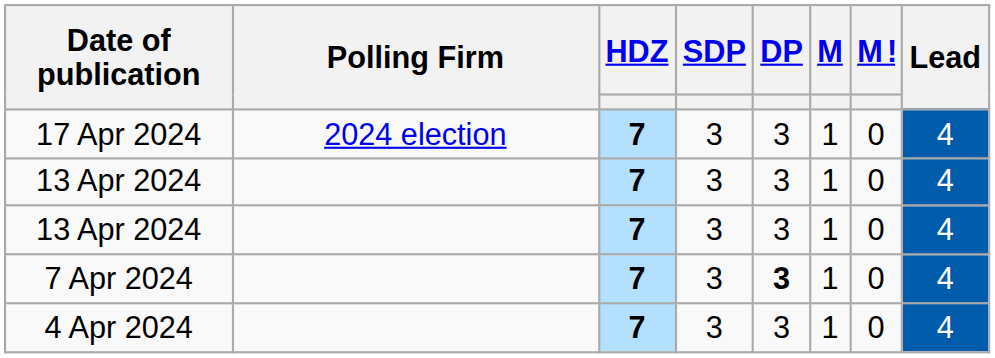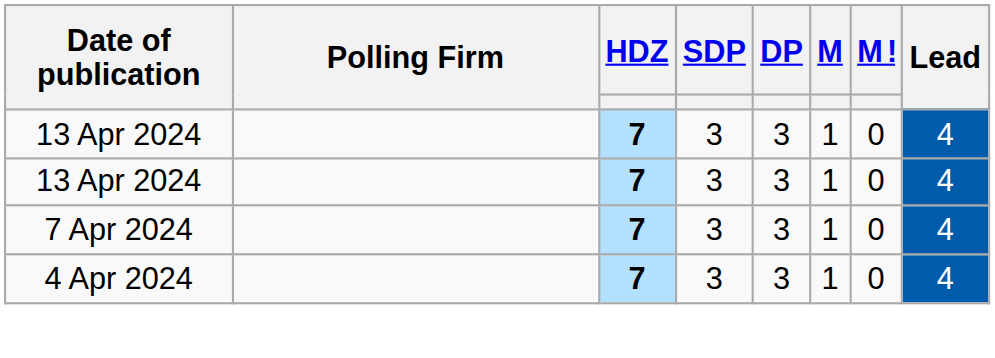 <table class="wikitable sortable" style="text-align:center; font-size:90%; line-height:16px;">
 <tr style="height:42px;">
 <th style="width:100px;" rowspan="2">Date of publication</th>
 <th style="width:165px;" rowspan="2">Polling Firm</th>
 <th><a href='#'>HDZ</a></th>
 <th><a href='#'>SDP</a></th>
 <th><a href='#'>DP</a></th>
 <th><a href='#'>M</a></th>
 <th style="letter-spacing:-1px;"><a href='#'>M !</a></th>
 <th class="unsortable" style="width:20px;" rowspan="2">Lead</th>
 </tr>
 <tr>
 <th style="color:inherit;background:"></th>
 <th data-sort-type="number" style="color:inherit;background:"></th>
 <th style="color:inherit;background:"></th>
 <th style="color:inherit;background:"></th>
 <th style="color:inherit;background:"></th>
-</tr>
-<tr>
-<td>17 Apr 2024</td>
-<td><a href='#'>2024 election</a></td>
-<td style="background:#B3E0FF"><strong>7</strong></td>
-<td>3</td>
-<td>3</td>
-<td>1</td>
-<td>0</td>
-<td style="background:#005BAA; color: white">4</td>
 </tr>
 <tr>
 <td>13 Apr 2024</td>
 <td></td>
 <td style="background:#B3E0FF"><strong>7</strong></td>
 <td>3</td>
 <td>3</td>
 <td>1</td>
 <td>0</td>
 <td style="background:#005BAA; color: white">4</td>
 </tr>
 <tr>
 <td>13 Apr 2024</td>
 <td></td>
 <td style="background:#B3E0FF"><strong>7</strong></td>
 <td>3</td>
 <td>3</td>
 <td>1</td>
 <td>0</td>
 <td style="background:#005BAA; color: white">4</td>
 </tr>
 <tr>
 <td>7 Apr 2024</td>
 <td></td>
 <td style="background:#B3E0FF"><strong>7</strong></td>
 <td>3</td>
-<td><strong>3</strong></td>
+<td>3</td>
 <td>1</td>
 <td>0</td>
 <td style="background:#005BAA; color: white">4</td>
 </tr>
 <tr>
 <td>4 Apr 2024</td>
 <td></td>
 <td style="background:#B3E0FF"><strong>7</strong></td>
 <td>3</td>
 <td>3</td>
 <td>1</td>
 <td>0</td>
 <td style="background:#005BAA; color: white">4</td>
 </tr>
 </table>
